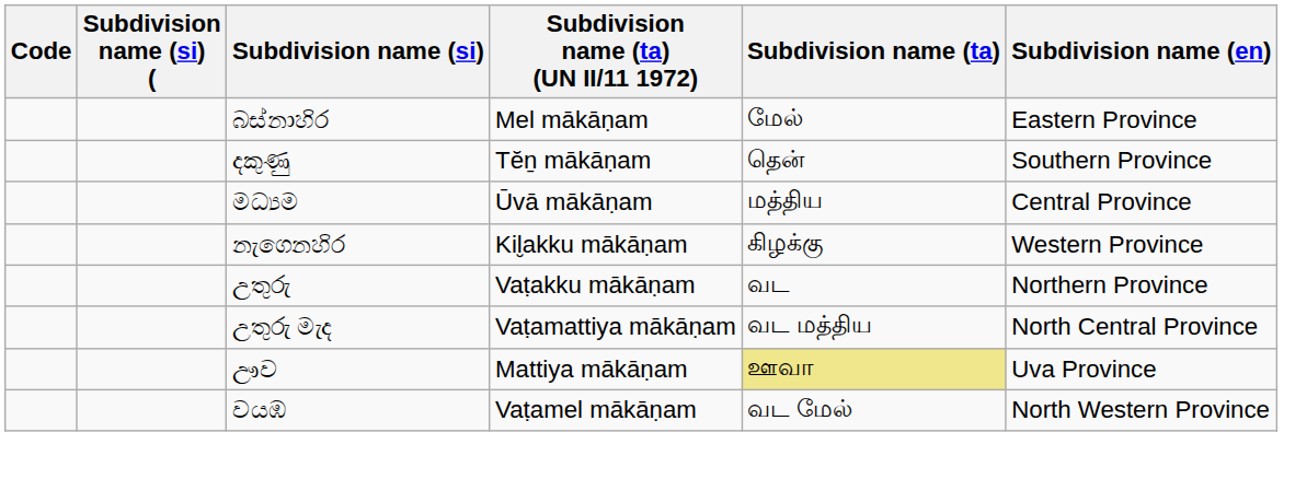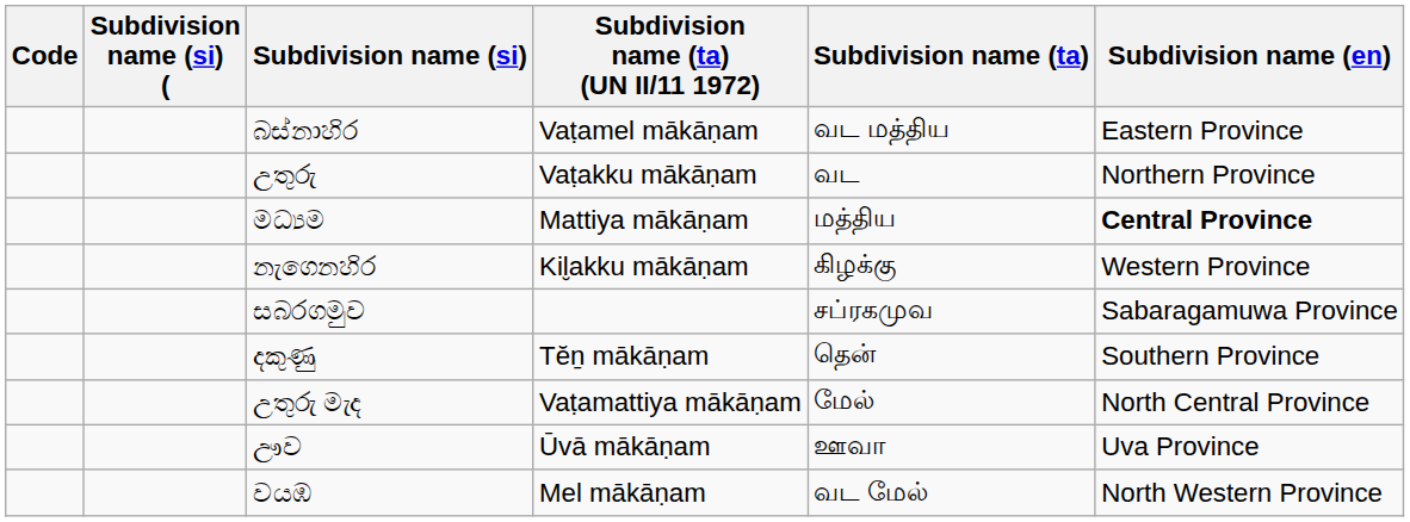 <table class="wikitable sortable">
 <tr>
 <th>Code</th>
 <th>Subdivision<br>name (<a href='#'>si</a>)<br>(</th>
 <th>Subdivision name (<a href='#'>si</a>)<br></th>
 <th>Subdivision<br>name (<a href='#'>ta</a>)<br>(UN II/11 1972)</th>
 <th>Subdivision name (<a href='#'>ta</a>)<br></th>
 <th>Subdivision name (<a href='#'>en</a>)</th>
 </tr>
 <tr>
 <td></td>
 <td></td>
 <td>බස්නාහිර</td>
-<td>Mel mākāṇam</td>
-<td>மேல்</td>
+<td>Vaṭamel mākāṇam</td>
+<td>வட மத்திய</td>
 <td>Eastern Province</td>
+</tr>
+<tr>
+<td></td>
+<td></td>
+<td>උතුරු</td>
+<td>Vaṭakku mākāṇam</td>
+<td>வட</td>
+<td>Northern Province</td>
+</tr>
+<tr>
+<td></td>
+<td></td>
+<td>මධ්‍යම</td>
+<td>Mattiya mākāṇam</td>
+<td>மத்திய</td>
+<td><strong>Central Province</strong></td>
+</tr>
+<tr>
+<td></td>
+<td></td>
+<td>නැගෙනහිර</td>
+<td>Kil̮akku mākāṇam</td>
+<td>கிழக்கு</td>
+<td>Western Province</td>
+</tr>
+<tr>
+<td></td>
+<td></td>
+<td>සබරගමුව</td>
+<td></td>
+<td>சப்ரகமுவ</td>
+<td>Sabaragamuwa Province</td>
 </tr>
 <tr>
 <td></td>
 <td></td>
 <td>දකුණු</td>
 <td>Tĕṉ mākāṇam</td>
 <td>தென்</td>
 <td>Southern Province</td>
 </tr>
 <tr>
 <td></td>
 <td></td>
-<td>මධ්‍යම</td>
-<td>Ūvā mākāṇam</td>
-<td>மத்திய</td>
-<td>Central Province</td>
-</tr>
-<tr>
-<td></td>
-<td></td>
-<td>නැගෙනහිර</td>
-<td>Kil̮akku mākāṇam</td>
-<td>கிழக்கு</td>
-<td>Western Province</td>
-</tr>
-<tr>
-<td></td>
-<td></td>
-<td>උතුරු</td>
-<td>Vaṭakku mākāṇam</td>
-<td>வட</td>
-<td>Northern Province</td>
-</tr>
-<tr>
-<td></td>
-<td></td>
 <td>උතුරු මැද</td>
 <td>Vaṭamattiya mākāṇam</td>
-<td>வட மத்திய</td>
+<td>மேல்</td>
 <td>North Central Province</td>
 </tr>
 <tr>
 <td></td>
 <td></td>
 <td>ඌව</td>
-<td>Mattiya mākāṇam</td>
-<td style="background: khaki;">ஊவா</td>
+<td>Ūvā mākāṇam</td>
+<td>ஊவா</td>
 <td>Uva Province</td>
 </tr>
 <tr>
 <td></td>
 <td></td>
 <td>වයඹ</td>
-<td>Vaṭamel mākāṇam</td>
+<td>Mel mākāṇam</td>
 <td>வட மேல்</td>
 <td>North Western Province</td>
 </tr>
 </table>
